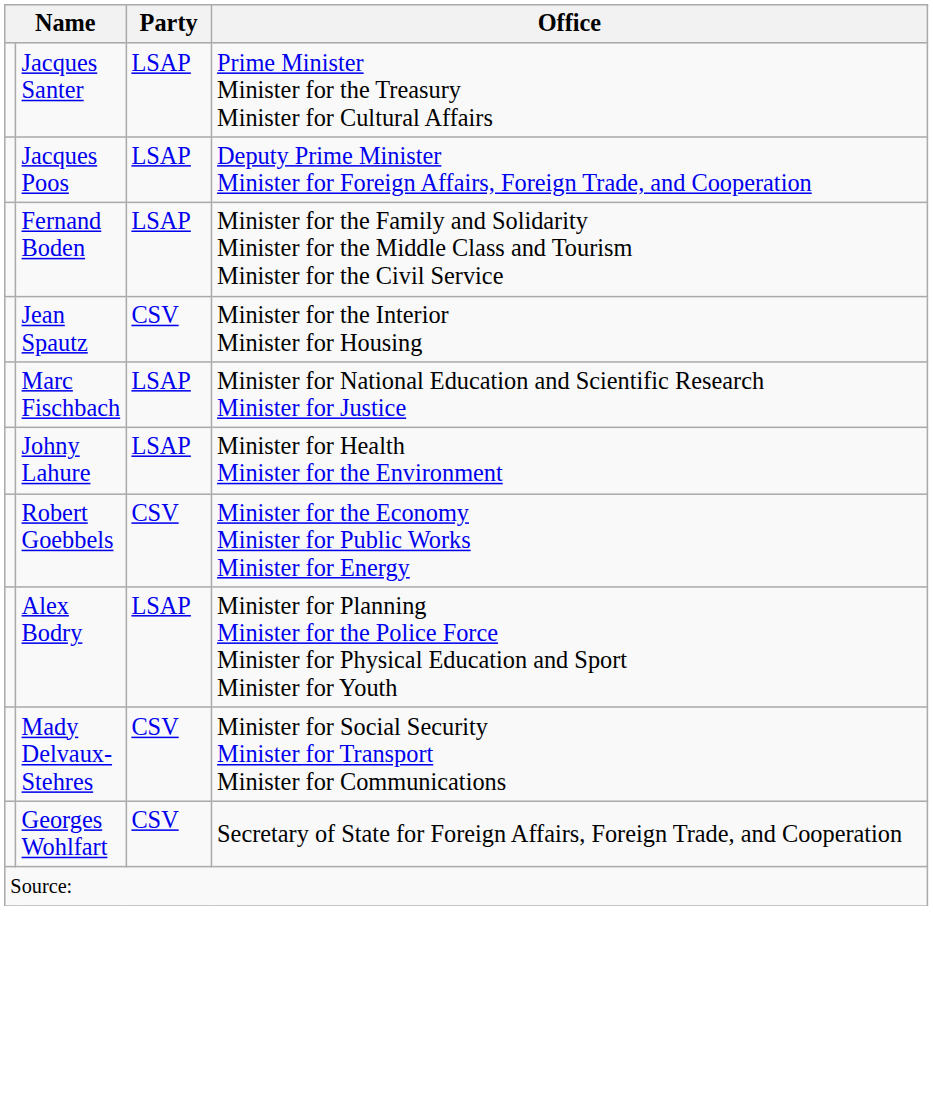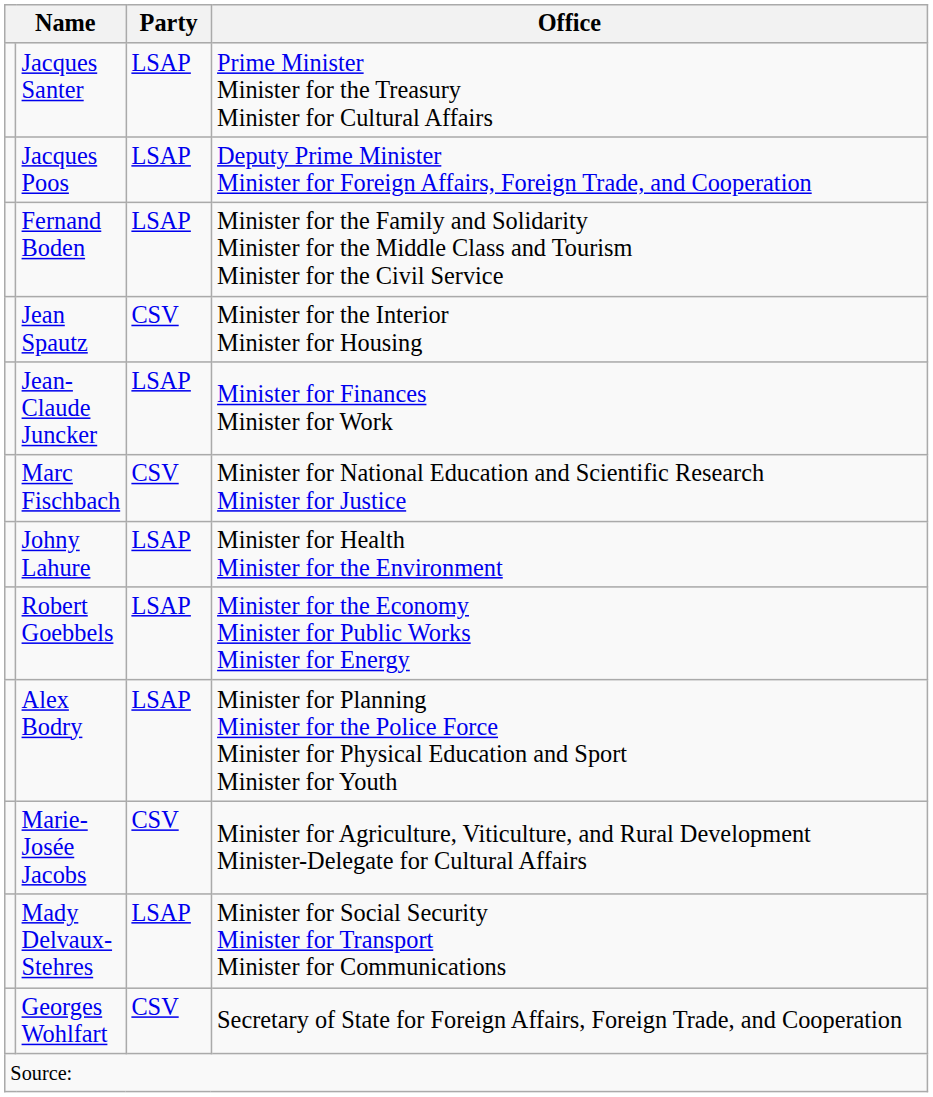 <table class="wikitable">
 <tr>
 <th colspan=2 width=250px>Name</th>
 <th width=50px>Party</th>
 <th width=500px>Office</th>
 </tr>
 <tr>
 <td style="background-color: "></td>
 <td valign=top><a href='#'>Jacques Santer</a></td>
 <td valign=top><a href='#'>LSAP</a></td>
 <td><a href='#'>Prime Minister</a> <br> Minister for the Treasury <br> Minister for Cultural Affairs</td>
 </tr>
 <tr>
 <td style="background-color: "></td>
 <td valign=top><a href='#'>Jacques Poos</a></td>
 <td valign=top><a href='#'>LSAP</a></td>
 <td><a href='#'>Deputy Prime Minister</a> <br> <a href='#'>Minister for Foreign Affairs, Foreign Trade, and Cooperation</a></td>
 </tr>
 <tr>
 <td style="background-color: "></td>
 <td valign=top><a href='#'>Fernand Boden</a></td>
 <td valign=top><a href='#'>LSAP</a></td>
 <td>Minister for the Family and Solidarity <br> Minister for the Middle Class and Tourism <br> Minister for the Civil Service</td>
 </tr>
 <tr>
 <td style="background-color: "></td>
 <td valign=top><a href='#'>Jean Spautz</a></td>
 <td valign=top><a href='#'>CSV</a></td>
 <td>Minister for the Interior <br> Minister for Housing</td>
 </tr>
 <tr>
 <td style="background-color: "></td>
+<td valign=top><a href='#'>Jean-Claude Juncker</a></td>
+<td valign=top><a href='#'>LSAP</a></td>
+<td><a href='#'>Minister for Finances</a> <br> Minister for Work</td>
+</tr>
+<tr>
+<td style="background-color: "></td>
 <td valign=top><a href='#'>Marc Fischbach</a></td>
-<td valign=top><a href='#'>LSAP</a></td>
+<td valign=top><a href='#'>CSV</a></td>
 <td>Minister for National Education and Scientific Research <br> <a href='#'>Minister for Justice</a></td>
 </tr>
 <tr>
 <td style="background-color: "></td>
 <td valign=top><a href='#'>Johny Lahure</a></td>
 <td valign=top><a href='#'>LSAP</a></td>
 <td>Minister for Health <br> <a href='#'>Minister for the Environment</a></td>
 </tr>
 <tr>
 <td style="background-color: "></td>
 <td valign=top><a href='#'>Robert Goebbels</a></td>
-<td valign=top><a href='#'>CSV</a></td>
+<td valign=top><a href='#'>LSAP</a></td>
 <td><a href='#'>Minister for the Economy</a> <br> <a href='#'>Minister for Public Works</a> <br> <a href='#'>Minister for Energy</a></td>
 </tr>
 <tr>
 <td style="background-color: "></td>
 <td valign=top><a href='#'>Alex Bodry</a></td>
 <td valign=top><a href='#'>LSAP</a></td>
 <td>Minister for Planning <br> <a href='#'>Minister for the Police Force</a> <br> Minister for Physical Education and Sport <br> Minister for Youth</td>
 </tr>
 <tr>
 <td style="background-color: "></td>
+<td valign=top><a href='#'>Marie-Josée Jacobs</a></td>
+<td valign=top><a href='#'>CSV</a></td>
+<td>Minister for Agriculture, Viticulture, and Rural Development <br> Minister-Delegate for Cultural Affairs</td>
+</tr>
+<tr>
+<td style="background-color: "></td>
 <td valign=top><a href='#'>Mady Delvaux-Stehres</a></td>
-<td valign=top><a href='#'>CSV</a></td>
+<td valign=top><a href='#'>LSAP</a></td>
 <td>Minister for Social Security <br> <a href='#'>Minister for Transport</a> <br> Minister for Communications</td>
 </tr>
 <tr>
 <td style="background-color: "></td>
 <td valign=top><a href='#'>Georges Wohlfart</a></td>
 <td valign=top><a href='#'>CSV</a></td>
 <td>Secretary of State for Foreign Affairs, Foreign Trade, and Cooperation</td>
 </tr>
 <tr>
 <td colspan=4><small>Source: </small></td>
 </tr>
 </table>
